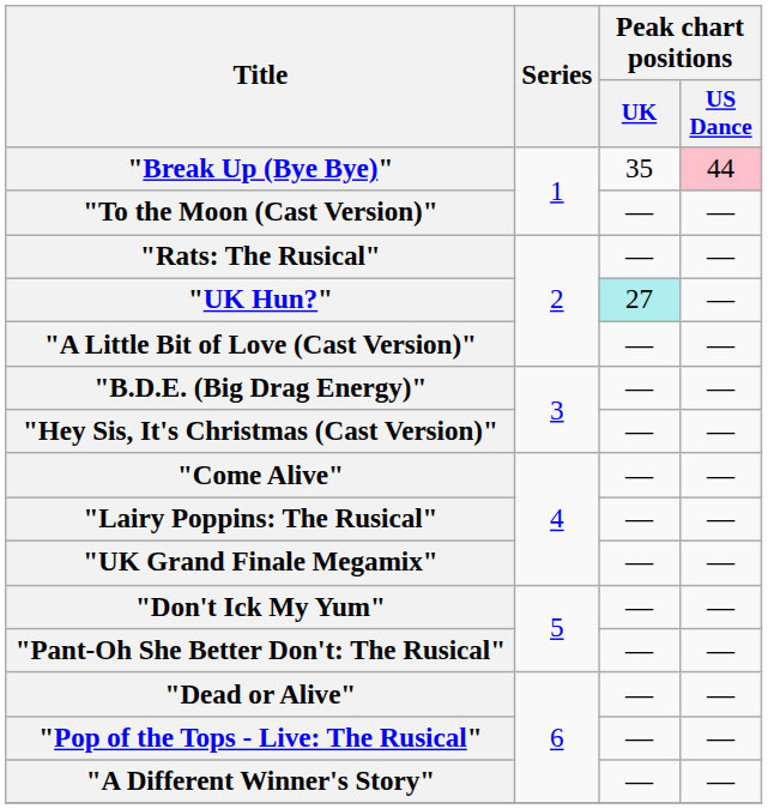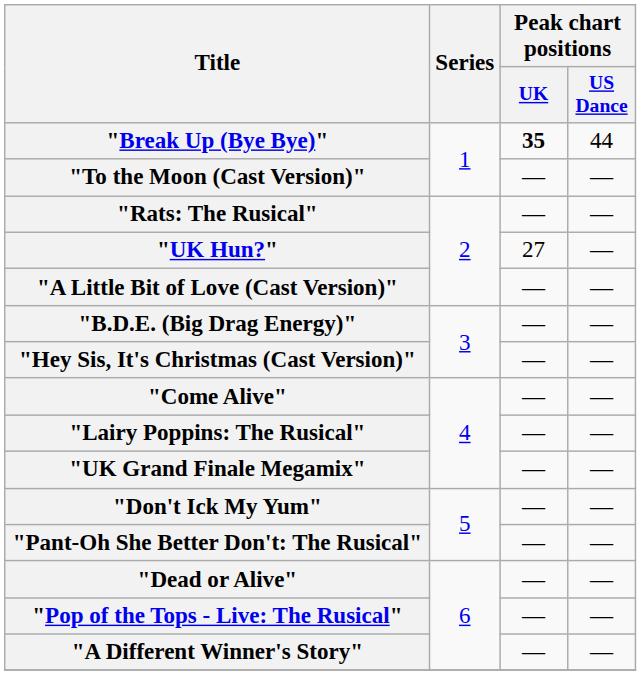 <table class="wikitable plainrowheaders" style="text-align:center;">
 <tr>
 <th scope="col" rowspan="2" style="width:18em;">Title</th>
 <th scope="col" rowspan="2" style="width:1em;">Series</th>
 <th scope="col" colspan="2">Peak chart positions</th>
 </tr>
 <tr>
 <th scope="col" style="width:3em;font-size:85%;"><a href='#'>UK</a><br></th>
 <th scope="col" style="width:3em;font-size:85%;"><a href='#'>US<br>Dance</a><br></th>
 </tr>
 <tr>
 <th scope="row">"<a href='#'>Break Up (Bye Bye)</a>"</th>
 <td rowspan="2"><a href='#'>1</a></td>
-<td>35</td>
-<td style="background: pink;">44</td>
+<td><strong>35</strong></td>
+<td>44</td>
 </tr>
 <tr>
 <th scope="row">"To the Moon (Cast Version)"</th>
 <td>—</td>
 <td>—</td>
 </tr>
 <tr>
 <th scope="row">"Rats: The Rusical"</th>
 <td rowspan="3"><a href='#'>2</a></td>
 <td>—</td>
 <td>—</td>
 </tr>
 <tr>
 <th scope="row">"<a href='#'>UK Hun?</a>"</th>
-<td style="background: paleturquoise;">27</td>
+<td>27</td>
 <td>—</td>
 </tr>
 <tr>
 <th scope="row">"A Little Bit of Love (Cast Version)"</th>
 <td>—</td>
 <td>—</td>
 </tr>
 <tr>
 <th scope="row">"B.D.E. (Big Drag Energy)"</th>
 <td rowspan="2"><a href='#'>3</a></td>
 <td>— </td>
 <td>—</td>
 </tr>
 <tr>
 <th scope="row">"Hey Sis, It's Christmas (Cast Version)"</th>
 <td>— </td>
 <td>—</td>
 </tr>
 <tr>
 <th scope="row">"Come Alive"</th>
 <td rowspan="3"><a href='#'>4</a></td>
 <td>—</td>
 <td>—</td>
 </tr>
 <tr>
 <th scope="row">"Lairy Poppins: The Rusical"</th>
 <td>—</td>
 <td>—</td>
 </tr>
 <tr>
 <th scope="row">"UK Grand Finale Megamix"</th>
 <td>—</td>
 <td>—</td>
 </tr>
 <tr>
 <th scope="row">"Don't Ick My Yum"</th>
 <td rowspan="2"><a href='#'>5</a></td>
 <td>—</td>
 <td>—</td>
 </tr>
 <tr>
 <th scope="row">"Pant-Oh She Better Don't: The Rusical"</th>
 <td>—</td>
 <td>—</td>
 </tr>
 <tr>
 <th scope="row">"Dead or Alive"</th>
 <td rowspan="3"><a href='#'>6</a></td>
 <td>—</td>
 <td>—</td>
 </tr>
 <tr>
 <th scope="row">"<a href='#'>Pop of the Tops - Live: The Rusical</a>"</th>
 <td>—</td>
 <td>—</td>
 </tr>
 <tr>
 <th scope="row">"A Different Winner's Story"</th>
 <td>—</td>
 <td>—</td>
 </tr>
 <tr>
 </tr>
 </table>
